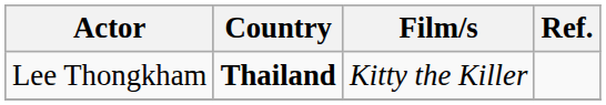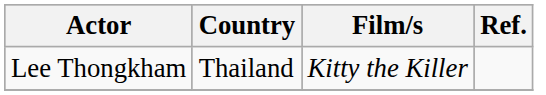 <table class="wikitable">
 <tr>
 <th>Actor</th>
 <th>Country</th>
 <th>Film/s</th>
 <th>Ref.</th>
 </tr>
 <tr>
 <td>Lee Thongkham</td>
-<td><strong> Thailand</strong></td>
+<td> Thailand</td>
 <td><em>Kitty the Killer</em></td>
 <td></td>
 </tr>
 <tr>
 </tr>
 </table>
